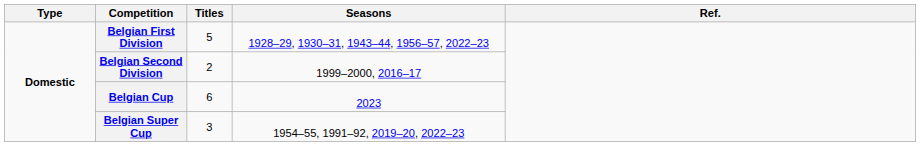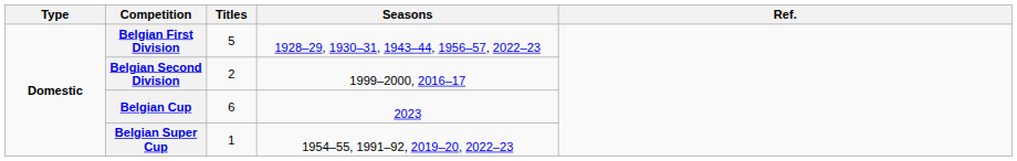 <table class="wikitable plainrowheaders" style="font-size:95%; text-align:center;">
 <tr>
 <th style="width: 10%;">Type</th>
 <th style="width: 10%;">Competition</th>
 <th style="width: 5%;">Titles</th>
 <th style="width: 30%;">Seasons</th>
 <th>Ref.</th>
 </tr>
 <tr>
 <td rowspan="4"><strong>Domestic</strong></td>
 <th scope=col><a href='#'>Belgian First Division</a></th>
 <td>5</td>
 <td><br><a href='#'>1928–29</a>,  <a href='#'>1930–31</a>,  <a href='#'>1943–44</a>,  <a href='#'>1956–57</a>,  <a href='#'>2022–23</a></td>
 <td rowspan="4"></td>
 </tr>
 <tr>
 <th scope=col><a href='#'>Belgian Second Division</a></th>
 <td>2</td>
 <td><br>1999–2000, <a href='#'>2016–17</a></td>
 </tr>
 <tr>
 <th scope=col><a href='#'>Belgian Cup</a></th>
 <td>6</td>
 <td><br><a href='#'>2023</a></td>
 </tr>
 <tr>
 <th scope=col><a href='#'>Belgian Super Cup</a></th>
-<td>3</td>
+<td>1</td>
 <td><br>1954–55,  1991–92,  <a href='#'>2019–20</a>, <a href='#'>2022–23</a></td>
 </tr>
 </table>
